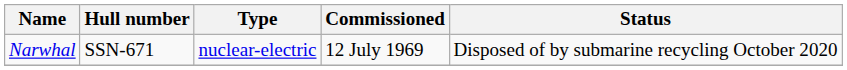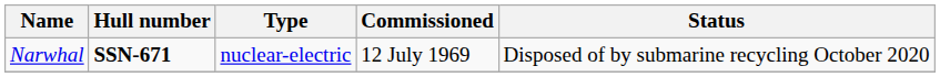 <table class="wikitable">
 <tr>
 <th>Name</th>
 <th>Hull number</th>
 <th>Type</th>
 <th>Commissioned</th>
 <th>Status</th>
 </tr>
 <tr>
 <td><em><a href='#'>Narwhal</a></em></td>
-<td>SSN-671</td>
+<td><strong>SSN-671</strong></td>
 <td><a href='#'>nuclear-electric</a></td>
 <td>12 July 1969</td>
 <td>Disposed of by submarine recycling October 2020</td>
 </tr>
 <tr>
 </tr>
 </table>
